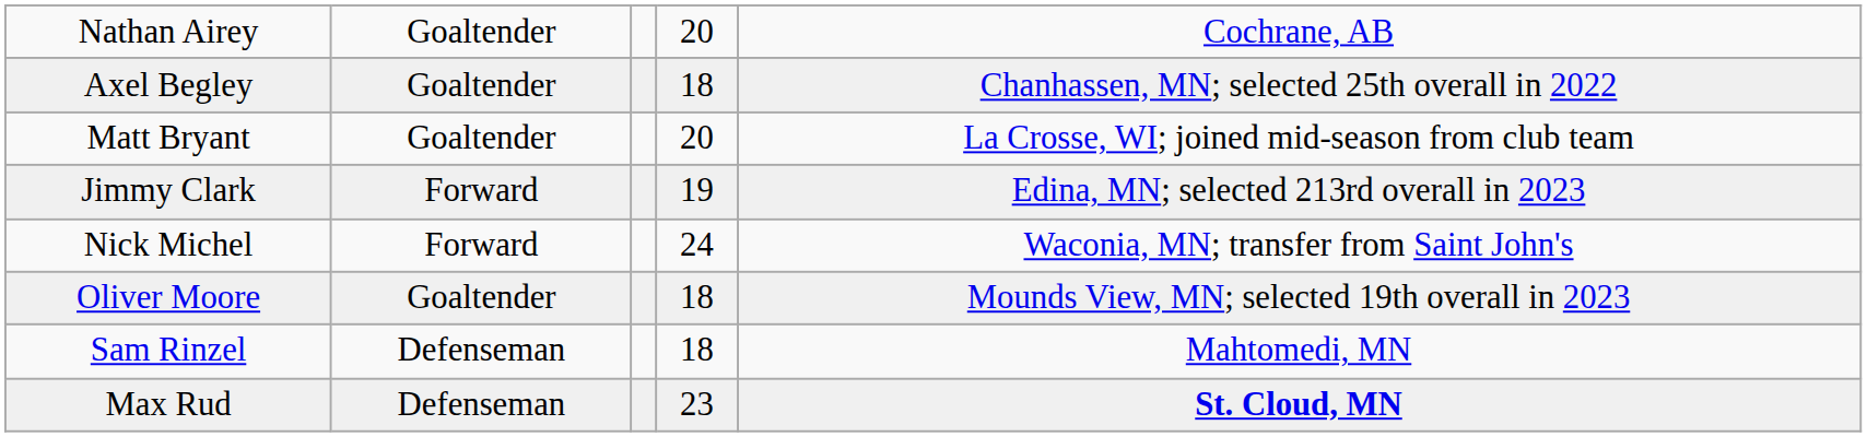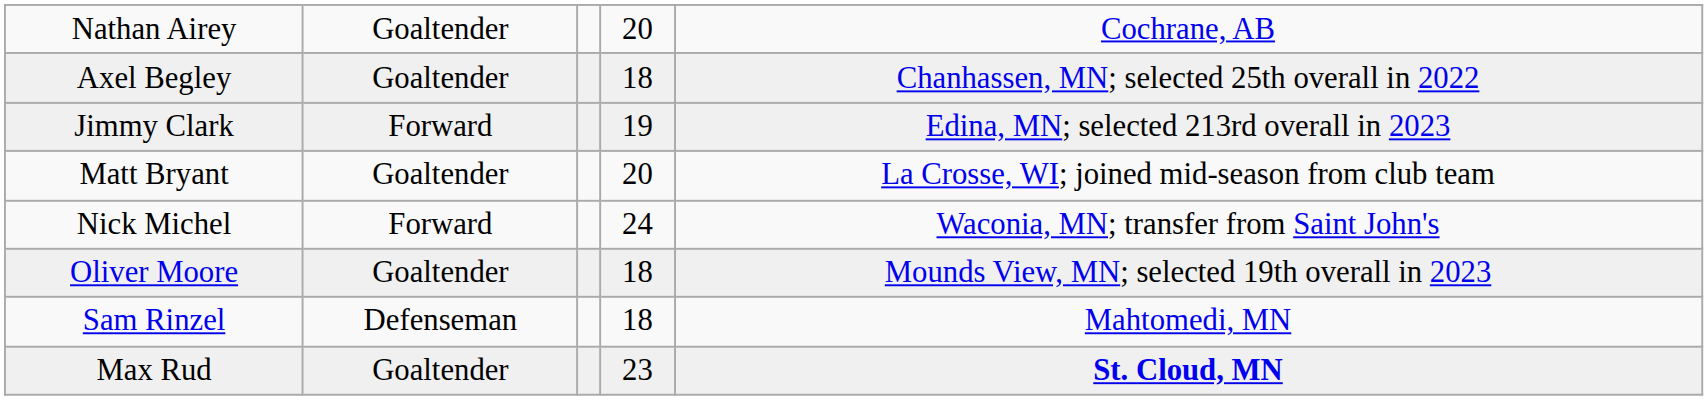 <table class="wikitable" width="70%">
 <tr align="center">
 <td>Nathan Airey</td>
 <td>Goaltender</td>
 <td></td>
 <td>20</td>
 <td><a href='#'>Cochrane, AB</a></td>
 </tr>
 <tr align="center" bgcolor="f0f0f0">
 <td>Axel Begley</td>
 <td>Goaltender</td>
 <td></td>
 <td>18</td>
 <td><a href='#'>Chanhassen, MN</a>; selected 25th overall in <a href='#'>2022</a></td>
 </tr>
+<tr align="center" bgcolor="f0f0f0">
+<td>Jimmy Clark</td>
+<td>Forward</td>
+<td></td>
+<td>19</td>
+<td><a href='#'>Edina, MN</a>; selected 213rd overall in <a href='#'>2023</a></td>
+</tr>
 <tr align="center" bgcolor="">
 <td>Matt Bryant</td>
 <td>Goaltender</td>
 <td></td>
 <td>20</td>
 <td><a href='#'>La Crosse, WI</a>; joined mid-season from club team</td>
-</tr>
-<tr align="center" bgcolor="f0f0f0">
-<td>Jimmy Clark</td>
-<td>Forward</td>
-<td></td>
-<td>19</td>
-<td><a href='#'>Edina, MN</a>; selected 213rd overall in <a href='#'>2023</a></td>
 </tr>
 <tr align="center" bgcolor="">
 <td>Nick Michel</td>
 <td>Forward</td>
 <td></td>
 <td>24</td>
 <td><a href='#'>Waconia, MN</a>; transfer from <a href='#'>Saint John's</a></td>
 </tr>
 <tr align="center" bgcolor="f0f0f0">
 <td><a href='#'>Oliver Moore</a></td>
 <td>Goaltender</td>
 <td></td>
 <td>18</td>
 <td><a href='#'>Mounds View, MN</a>; selected 19th overall in <a href='#'>2023</a></td>
 </tr>
 <tr align="center" bgcolor="">
 <td><a href='#'>Sam Rinzel</a></td>
 <td>Defenseman</td>
 <td></td>
 <td>18</td>
 <td><a href='#'>Mahtomedi, MN</a></td>
 </tr>
 <tr align="center" bgcolor="f0f0f0">
 <td>Max Rud</td>
-<td>Defenseman</td>
+<td>Goaltender</td>
 <td></td>
 <td>23</td>
 <td><strong><a href='#'>St. Cloud, MN</a></strong></td>
 </tr>
 </table>
